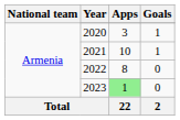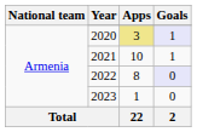 <table class="wikitable" style="text-align:center">
 <tr>
 <th>National team</th>
 <th>Year</th>
 <th>Apps</th>
 <th>Goals</th>
 </tr>
 <tr>
 <td rowspan="5"><a href='#'>Armenia</a></td>
 </tr>
 <tr>
 <td>2020</td>
-<td>3</td>
-<td>1</td>
+<td style="background: khaki;">3</td>
+<td style="background: lavender;">1</td>
 </tr>
 <tr>
 <td>2021</td>
 <td>10</td>
 <td>1</td>
 </tr>
 <tr>
 <td>2022</td>
 <td>8</td>
-<td>0</td>
+<td style="background: lavender;">0</td>
 </tr>
 <tr>
 <td>2023</td>
-<td style="background: lightgreen;">1</td>
+<td>1</td>
 <td>0</td>
 </tr>
 <tr>
 <th colspan="2">Total</th>
 <th>22</th>
 <th>2</th>
 </tr>
 </table>
